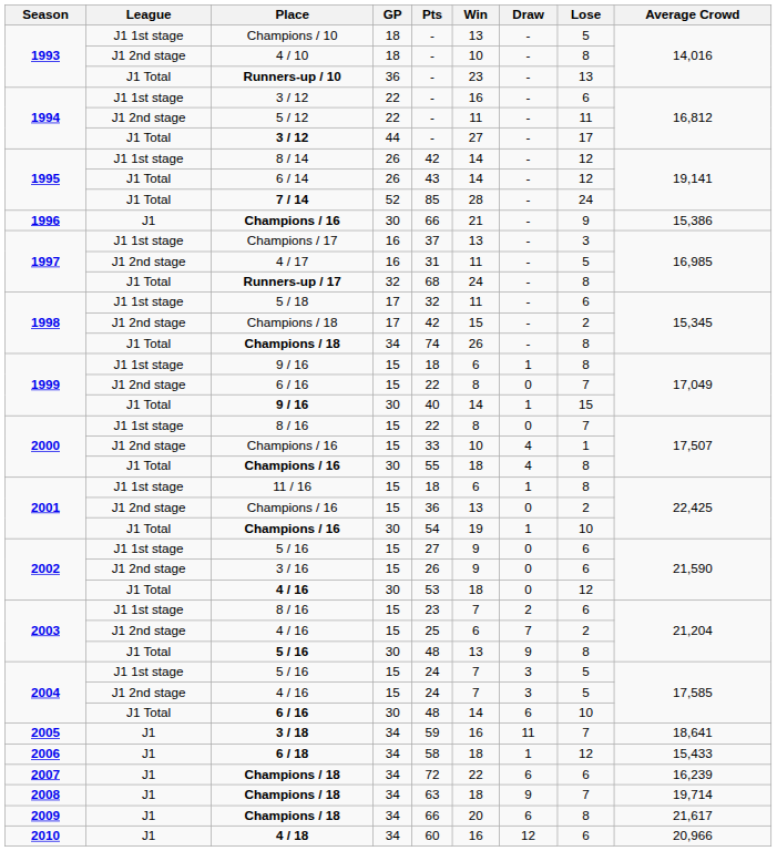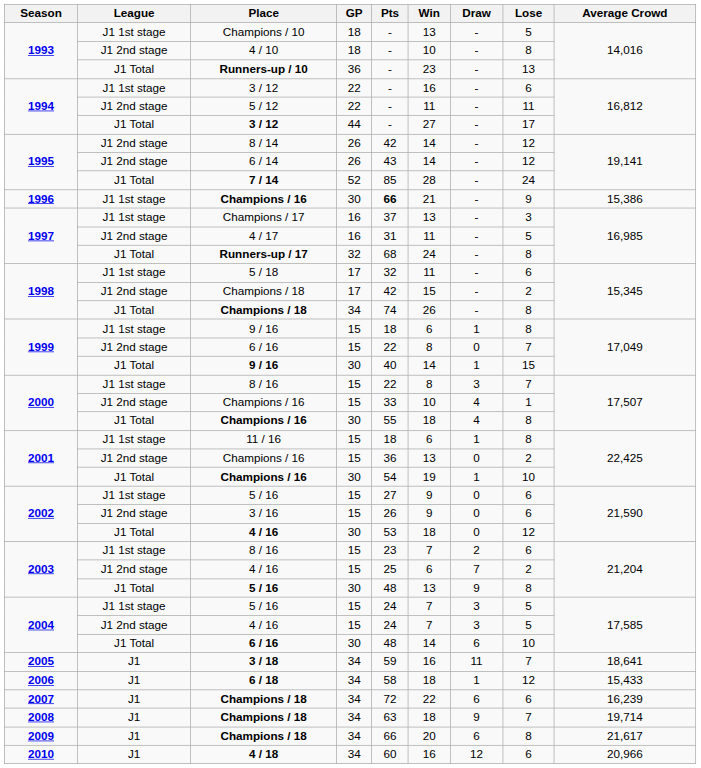 <table class="wikitable sortable" style="width:75%; align:center; text-align:center">
 <tr>
 <th>Season</th>
 <th>League</th>
 <th>Place</th>
 <th>GP</th>
 <th>Pts</th>
 <th>Win</th>
 <th>Draw</th>
 <th>Lose</th>
 <th>Average Crowd</th>
 </tr>
 <tr>
 <td rowspan="3"><strong><a href='#'>1993</a></strong></td>
 <td>J1 1st stage</td>
 <td>Champions / 10</td>
 <td>18</td>
 <td>-</td>
 <td>13</td>
 <td>-</td>
 <td>5</td>
 <td rowspan="3">14,016</td>
 </tr>
 <tr>
 <td>J1 2nd stage</td>
 <td>4 / 10</td>
 <td>18</td>
 <td>-</td>
 <td>10</td>
 <td>-</td>
 <td>8</td>
 </tr>
 <tr>
 <td>J1 Total</td>
 <td><strong>Runners-up / 10</strong></td>
 <td>36</td>
 <td>-</td>
 <td>23</td>
 <td>-</td>
 <td>13</td>
 </tr>
 <tr>
 <td rowspan="3"><strong><a href='#'>1994</a></strong></td>
 <td>J1 1st stage</td>
 <td>3 / 12</td>
 <td>22</td>
 <td>-</td>
 <td>16</td>
 <td>-</td>
 <td>6</td>
 <td rowspan="3">16,812</td>
 </tr>
 <tr>
 <td>J1 2nd stage</td>
 <td>5 / 12</td>
 <td>22</td>
 <td>-</td>
 <td>11</td>
 <td>-</td>
 <td>11</td>
 </tr>
 <tr>
 <td>J1 Total</td>
 <td><strong>3 / 12</strong></td>
 <td>44</td>
 <td>-</td>
 <td>27</td>
 <td>-</td>
 <td>17</td>
 </tr>
 <tr>
 <td rowspan="3"><strong><a href='#'>1995</a></strong></td>
-<td>J1 1st stage</td>
+<td>J1 2nd stage</td>
 <td>8 / 14</td>
 <td>26</td>
 <td>42</td>
 <td>14</td>
 <td>-</td>
 <td>12</td>
 <td rowspan="3">19,141</td>
 </tr>
 <tr>
-<td>J1 Total</td>
+<td>J1 2nd stage</td>
 <td>6 / 14</td>
 <td>26</td>
 <td>43</td>
 <td>14</td>
 <td>-</td>
 <td>12</td>
 </tr>
 <tr>
 <td>J1 Total</td>
 <td><strong>7 / 14</strong></td>
 <td>52</td>
 <td>85</td>
 <td>28</td>
 <td>-</td>
 <td>24</td>
 </tr>
 <tr>
 <td><strong><a href='#'>1996</a></strong></td>
-<td>J1</td>
+<td>J1 1st stage</td>
 <td><strong>Champions / 16</strong></td>
 <td>30</td>
-<td>66</td>
+<td><strong>66</strong></td>
 <td>21</td>
 <td>-</td>
 <td>9</td>
 <td>15,386</td>
 </tr>
 <tr>
 <td rowspan="3"><strong><a href='#'>1997</a></strong></td>
 <td>J1 1st stage</td>
 <td>Champions / 17</td>
 <td>16</td>
 <td>37</td>
 <td>13</td>
 <td>-</td>
 <td>3</td>
 <td rowspan="3">16,985</td>
 </tr>
 <tr>
 <td>J1 2nd stage</td>
 <td>4 / 17</td>
 <td>16</td>
 <td>31</td>
 <td>11</td>
 <td>-</td>
 <td>5</td>
 </tr>
 <tr>
 <td>J1 Total</td>
 <td><strong>Runners-up / 17</strong></td>
 <td>32</td>
 <td>68</td>
 <td>24</td>
 <td>-</td>
 <td>8</td>
 </tr>
 <tr>
 <td rowspan="3"><strong><a href='#'>1998</a></strong></td>
 <td>J1 1st stage</td>
 <td>5 / 18</td>
 <td>17</td>
 <td>32</td>
 <td>11</td>
 <td>-</td>
 <td>6</td>
 <td rowspan="3">15,345</td>
 </tr>
 <tr>
 <td>J1 2nd stage</td>
 <td>Champions / 18</td>
 <td>17</td>
 <td>42</td>
 <td>15</td>
 <td>-</td>
 <td>2</td>
 </tr>
 <tr>
 <td>J1 Total</td>
 <td><strong>Champions / 18</strong></td>
 <td>34</td>
 <td>74</td>
 <td>26</td>
 <td>-</td>
 <td>8</td>
 </tr>
 <tr>
 <td rowspan="3"><strong><a href='#'>1999</a></strong></td>
 <td>J1 1st stage</td>
 <td>9 / 16</td>
 <td>15</td>
 <td>18</td>
 <td>6</td>
 <td>1</td>
 <td>8</td>
 <td rowspan="3">17,049</td>
 </tr>
 <tr>
 <td>J1 2nd stage</td>
 <td>6 / 16</td>
 <td>15</td>
 <td>22</td>
 <td>8</td>
 <td>0</td>
 <td>7</td>
 </tr>
 <tr>
 <td>J1 Total</td>
 <td><strong>9 / 16</strong></td>
 <td>30</td>
 <td>40</td>
 <td>14</td>
 <td>1</td>
 <td>15</td>
 </tr>
 <tr>
 <td rowspan="3"><strong><a href='#'>2000</a></strong></td>
 <td>J1 1st stage</td>
 <td>8 / 16</td>
 <td>15</td>
 <td>22</td>
 <td>8</td>
-<td>0</td>
+<td>3</td>
 <td>7</td>
 <td rowspan="3">17,507</td>
 </tr>
 <tr>
 <td>J1 2nd stage</td>
 <td>Champions / 16</td>
 <td>15</td>
 <td>33</td>
 <td>10</td>
 <td>4</td>
 <td>1</td>
 </tr>
 <tr>
 <td>J1 Total</td>
 <td><strong>Champions / 16</strong></td>
 <td>30</td>
 <td>55</td>
 <td>18</td>
 <td>4</td>
 <td>8</td>
 </tr>
 <tr>
 <td rowspan="3"><strong><a href='#'>2001</a></strong></td>
 <td>J1 1st stage</td>
 <td>11 / 16</td>
 <td>15</td>
 <td>18</td>
 <td>6</td>
 <td>1</td>
 <td>8</td>
 <td rowspan="3">22,425</td>
 </tr>
 <tr>
 <td>J1 2nd stage</td>
 <td>Champions / 16</td>
 <td>15</td>
 <td>36</td>
 <td>13</td>
 <td>0</td>
 <td>2</td>
 </tr>
 <tr>
 <td>J1 Total</td>
 <td><strong>Champions / 16</strong></td>
 <td>30</td>
 <td>54</td>
 <td>19</td>
 <td>1</td>
 <td>10</td>
 </tr>
 <tr>
 <td rowspan="3"><strong><a href='#'>2002</a></strong></td>
 <td>J1 1st stage</td>
 <td>5 / 16</td>
 <td>15</td>
 <td>27</td>
 <td>9</td>
 <td>0</td>
 <td>6</td>
 <td rowspan="3">21,590</td>
 </tr>
 <tr>
 <td>J1 2nd stage</td>
 <td>3 / 16</td>
 <td>15</td>
 <td>26</td>
 <td>9</td>
 <td>0</td>
 <td>6</td>
 </tr>
 <tr>
 <td>J1 Total</td>
 <td><strong>4 / 16</strong></td>
 <td>30</td>
 <td>53</td>
 <td>18</td>
 <td>0</td>
 <td>12</td>
 </tr>
 <tr>
 <td rowspan="3"><strong><a href='#'>2003</a></strong></td>
 <td>J1 1st stage</td>
 <td>8 / 16</td>
 <td>15</td>
 <td>23</td>
 <td>7</td>
 <td>2</td>
 <td>6</td>
 <td rowspan="3">21,204</td>
 </tr>
 <tr>
 <td>J1 2nd stage</td>
 <td>4 / 16</td>
 <td>15</td>
 <td>25</td>
 <td>6</td>
 <td>7</td>
 <td>2</td>
 </tr>
 <tr>
 <td>J1 Total</td>
 <td><strong>5 / 16</strong></td>
 <td>30</td>
 <td>48</td>
 <td>13</td>
 <td>9</td>
 <td>8</td>
 </tr>
 <tr>
 <td rowspan="3"><strong><a href='#'>2004</a></strong></td>
 <td>J1 1st stage</td>
 <td>5 / 16</td>
 <td>15</td>
 <td>24</td>
 <td>7</td>
 <td>3</td>
 <td>5</td>
 <td rowspan="3">17,585</td>
 </tr>
 <tr>
 <td>J1 2nd stage</td>
 <td>4 / 16</td>
 <td>15</td>
 <td>24</td>
 <td>7</td>
 <td>3</td>
 <td>5</td>
 </tr>
 <tr>
 <td>J1 Total</td>
 <td><strong>6 / 16</strong></td>
 <td>30</td>
 <td>48</td>
 <td>14</td>
 <td>6</td>
 <td>10</td>
 </tr>
 <tr>
 <td><strong><a href='#'>2005</a></strong></td>
 <td>J1</td>
 <td><strong>3 / 18</strong></td>
 <td>34</td>
 <td>59</td>
 <td>16</td>
 <td>11</td>
 <td>7</td>
 <td>18,641</td>
 </tr>
 <tr>
 <td><strong><a href='#'>2006</a></strong></td>
 <td>J1</td>
 <td><strong>6 / 18</strong></td>
 <td>34</td>
 <td>58</td>
 <td>18</td>
 <td>1</td>
 <td>12</td>
 <td>15,433</td>
 </tr>
 <tr>
 <td><strong><a href='#'>2007</a></strong></td>
 <td>J1</td>
 <td><strong>Champions / 18</strong></td>
 <td>34</td>
 <td>72</td>
 <td>22</td>
 <td>6</td>
 <td>6</td>
 <td>16,239</td>
 </tr>
 <tr>
 <td><strong><a href='#'>2008</a></strong></td>
 <td>J1</td>
 <td><strong>Champions / 18</strong></td>
 <td>34</td>
 <td>63</td>
 <td>18</td>
 <td>9</td>
 <td>7</td>
 <td>19,714</td>
 </tr>
 <tr>
 <td><strong><a href='#'>2009</a></strong></td>
 <td>J1</td>
 <td><strong>Champions / 18</strong></td>
 <td>34</td>
 <td>66</td>
 <td>20</td>
 <td>6</td>
 <td>8</td>
 <td>21,617</td>
 </tr>
 <tr>
 <td><strong><a href='#'>2010</a></strong></td>
 <td>J1</td>
 <td><strong>4 / 18</strong></td>
 <td>34</td>
 <td>60</td>
 <td>16</td>
 <td>12</td>
 <td>6</td>
 <td>20,966</td>
 </tr>
 </table>
